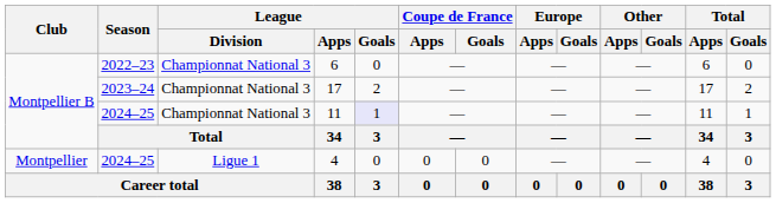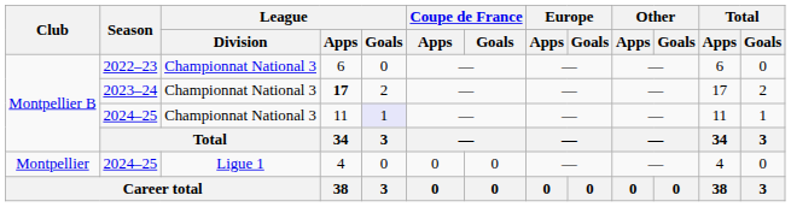 <table class="wikitable" style="text-align:center">
 <tr>
 <th rowspan="2">Club</th>
 <th rowspan="2">Season</th>
 <th colspan="3">League</th>
 <th colspan="2"><a href='#'>Coupe de France</a></th>
 <th colspan="2">Europe</th>
 <th colspan="2">Other</th>
 <th colspan="2">Total</th>
 </tr>
 <tr>
 <th>Division</th>
 <th>Apps</th>
 <th>Goals</th>
 <th>Apps</th>
 <th>Goals</th>
 <th>Apps</th>
 <th>Goals</th>
 <th>Apps</th>
 <th>Goals</th>
 <th>Apps</th>
 <th>Goals</th>
 </tr>
 <tr>
 <td rowspan="4"><a href='#'>Montpellier B</a></td>
 <td><a href='#'>2022–23</a></td>
 <td><a href='#'>Championnat National 3</a></td>
 <td>6</td>
 <td>0</td>
 <td colspan="2">—</td>
 <td colspan="2">—</td>
 <td colspan="2">—</td>
 <td>6</td>
 <td>0</td>
 </tr>
 <tr>
 <td><a href='#'>2023–24</a></td>
 <td>Championnat National 3</td>
-<td>17</td>
+<td><strong>17</strong></td>
 <td>2</td>
 <td colspan="2">—</td>
 <td colspan="2">—</td>
 <td colspan="2">—</td>
 <td>17</td>
 <td>2</td>
 </tr>
 <tr>
 <td><a href='#'>2024–25</a></td>
 <td>Championnat National 3</td>
 <td>11</td>
 <td style="background: lavender;">1</td>
 <td colspan="2">—</td>
 <td colspan="2">—</td>
 <td colspan="2">—</td>
 <td>11</td>
 <td>1</td>
 </tr>
 <tr>
 <th colspan="2">Total</th>
 <th>34</th>
 <th>3</th>
 <th colspan="2">—</th>
 <th colspan="2">—</th>
 <th colspan="2">—</th>
 <th>34</th>
 <th>3</th>
 </tr>
 <tr>
 <td><a href='#'>Montpellier</a></td>
 <td><a href='#'>2024–25</a></td>
 <td><a href='#'>Ligue 1</a></td>
 <td>4</td>
 <td>0</td>
 <td>0</td>
 <td>0</td>
 <td colspan="2">—</td>
 <td colspan="2">—</td>
 <td>4</td>
 <td>0</td>
 </tr>
 <tr>
 <th colspan="3">Career total</th>
 <th>38</th>
 <th>3</th>
 <th>0</th>
 <th>0</th>
 <th>0</th>
 <th>0</th>
 <th>0</th>
 <th>0</th>
 <th>38</th>
 <th>3</th>
 </tr>
 </table>
